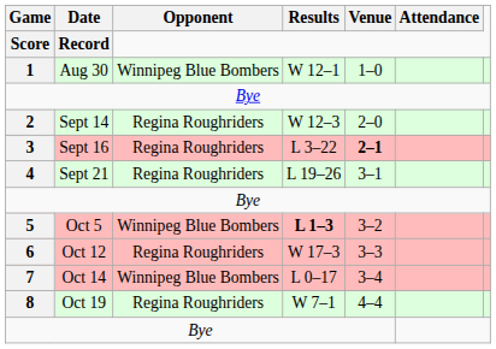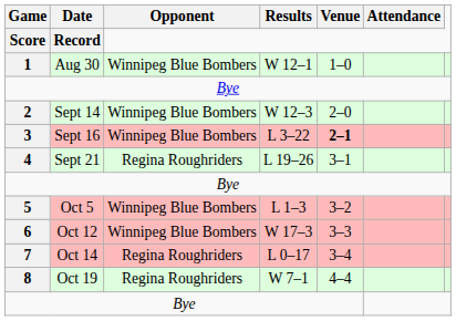 <table class="wikitable" style="text-align:center">
 <tr>
 <th>Game</th>
 <th>Date</th>
 <th>Opponent</th>
 <th>Results</th>
 <th>Venue</th>
 <th>Attendance</th>
 </tr>
 <tr>
 <th>Score</th>
 <th>Record</th>
 </tr>
 <tr style="background:#ddffdd">
 <th>1</th>
 <td>Aug 30</td>
 <td>Winnipeg Blue Bombers</td>
 <td>W 12–1</td>
 <td>1–0</td>
 <td></td>
 <td></td>
 </tr>
 <tr>
 <td colspan="7"><em><a href='#'>Bye</a></em></td>
 </tr>
 <tr style="background:#ddffdd">
 <th>2</th>
 <td>Sept 14</td>
-<td>Regina Roughriders</td>
+<td>Winnipeg Blue Bombers</td>
 <td>W 12–3</td>
 <td>2–0</td>
 <td></td>
 <td></td>
 </tr>
 <tr style="background:#ffbbbb">
 <th>3</th>
 <td>Sept 16</td>
-<td>Regina Roughriders</td>
+<td>Winnipeg Blue Bombers</td>
 <td>L 3–22</td>
 <td><strong>2–1</strong></td>
 <td></td>
 <td></td>
 </tr>
 <tr style="background:#ddffdd">
 <th>4</th>
 <td>Sept 21</td>
 <td>Regina Roughriders</td>
 <td>L 19–26</td>
 <td>3–1</td>
 <td></td>
 <td></td>
 </tr>
 <tr>
 <td colspan="7"><em>Bye</em></td>
 </tr>
 <tr style="background:#ffbbbb">
 <th>5</th>
 <td>Oct 5</td>
 <td>Winnipeg Blue Bombers</td>
-<td><strong>L 1–3</strong></td>
+<td>L 1–3</td>
 <td>3–2</td>
 <td></td>
 <td></td>
 </tr>
 <tr style="background:#ffbbbb">
 <th>6</th>
 <td>Oct 12</td>
-<td>Regina Roughriders</td>
+<td>Winnipeg Blue Bombers</td>
 <td>W 17–3</td>
 <td>3–3</td>
 <td></td>
 <td></td>
 </tr>
 <tr style="background:#ffbbbb">
 <th>7</th>
 <td>Oct 14</td>
-<td>Winnipeg Blue Bombers</td>
+<td>Regina Roughriders</td>
 <td>L 0–17</td>
 <td>3–4</td>
 <td></td>
 <td></td>
 </tr>
 <tr style="background:#ddffdd">
 <th>8</th>
 <td>Oct 19</td>
 <td>Regina Roughriders</td>
 <td>W 7–1</td>
 <td>4–4</td>
 <td></td>
 <td></td>
 </tr>
 <tr>
 <td colspan="5"><em>Bye</em></td>
 </tr>
 </table>
